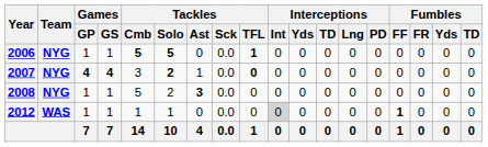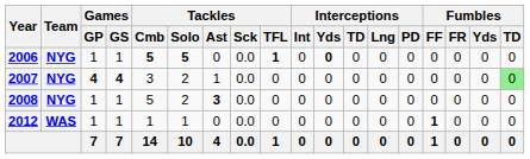 <table class="wikitable" style="text-align:center">
 <tr>
 <th rowspan="2">Year</th>
 <th rowspan="2">Team</th>
 <th colspan="2">Games</th>
 <th colspan="5">Tackles</th>
 <th colspan="5">Interceptions</th>
 <th colspan="4">Fumbles</th>
 </tr>
 <tr>
 <th>GP</th>
 <th>GS</th>
 <th>Cmb</th>
 <th>Solo</th>
 <th>Ast</th>
 <th>Sck</th>
 <th>TFL</th>
 <th>Int</th>
 <th>Yds</th>
 <th>TD</th>
 <th>Lng</th>
 <th>PD</th>
 <th>FF</th>
 <th>FR</th>
 <th>Yds</th>
 <th>TD</th>
 </tr>
 <tr>
 <th><a href='#'>2006</a></th>
 <th><a href='#'>NYG</a></th>
 <td>1</td>
 <td>1</td>
 <td><strong>5</strong></td>
 <td><strong>5</strong></td>
 <td>0</td>
 <td>0.0</td>
 <td><strong>1</strong></td>
 <td>0</td>
-<td>0</td>
+<td><strong>0</strong></td>
 <td>0</td>
 <td>0</td>
 <td>0</td>
 <td>0</td>
 <td>0</td>
 <td>0</td>
 <td>0</td>
 </tr>
 <tr>
 <th><a href='#'>2007</a></th>
 <th><a href='#'>NYG</a></th>
 <td><strong>4</strong></td>
 <td><strong>4</strong></td>
 <td>3</td>
-<td><strong>2</strong></td>
+<td>2</td>
 <td>1</td>
 <td>0.0</td>
-<td><strong>0</strong></td>
 <td>0</td>
 <td>0</td>
 <td>0</td>
 <td>0</td>
 <td>0</td>
 <td>0</td>
 <td>0</td>
 <td>0</td>
 <td>0</td>
+<td style="background: lightgreen;">0</td>
 </tr>
 <tr>
 <th><a href='#'>2008</a></th>
 <th><a href='#'>NYG</a></th>
 <td>1</td>
 <td>1</td>
 <td>5</td>
 <td>2</td>
 <td><strong>3</strong></td>
 <td>0.0</td>
 <td>0</td>
 <td>0</td>
 <td>0</td>
 <td>0</td>
 <td>0</td>
 <td>0</td>
 <td>0</td>
 <td>0</td>
 <td>0</td>
 <td>0</td>
 </tr>
 <tr>
 <th><a href='#'>2012</a></th>
 <th><a href='#'>WAS</a></th>
 <td>1</td>
 <td>1</td>
 <td>1</td>
 <td>1</td>
 <td>0</td>
 <td>0.0</td>
 <td>0</td>
-<td style="background: lightgrey;">0</td>
+<td>0</td>
 <td>0</td>
 <td>0</td>
 <td>0</td>
 <td>0</td>
 <td><strong>1</strong></td>
 <td>0</td>
 <td>0</td>
 <td>0</td>
 </tr>
 <tr>
 <th colspan="2"></th>
 <th>7</th>
 <th>7</th>
 <th>14</th>
 <th>10</th>
 <th>4</th>
 <th>0.0</th>
 <th>1</th>
 <th>0</th>
 <th>0</th>
 <th>0</th>
 <th>0</th>
 <th>0</th>
 <th>1</th>
 <th>0</th>
 <th>0</th>
 <th>0</th>
 </tr>
 </table>
